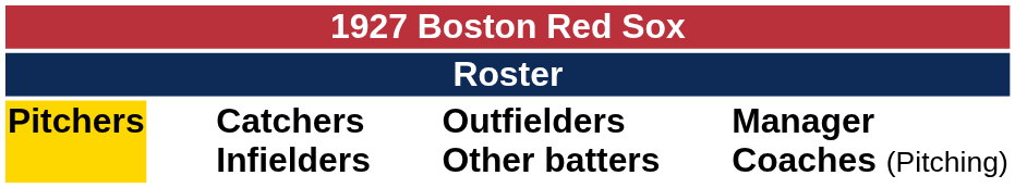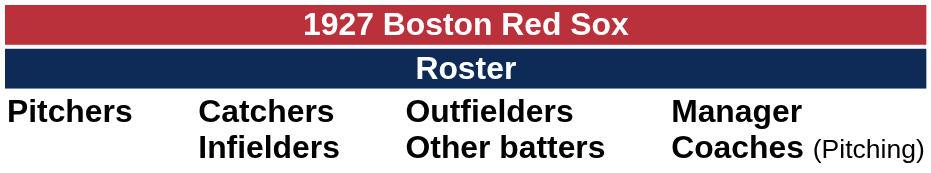 <table class="toccolours" style="text-align: left;">
 <tr>
 <th colspan="10" style="background-color: #ba313c; color: white; text-align: center;">1927 Boston Red Sox</th>
 </tr>
 <tr>
 <td colspan="10" style="background-color: #0d2b56; color: white; text-align: center;"><strong>Roster</strong></td>
 </tr>
 <tr>
-<td valign="top" style="background: gold;"><strong>Pitchers</strong><br>             </td>
+<td valign="top"><strong>Pitchers</strong><br>             </td>
 <td width="25px"></td>
 <td valign="top"><strong>Catchers</strong><br>   <strong>Infielders</strong>           </td>
 <td width="25px"></td>
 <td valign="top"><strong>Outfielders</strong><br>        <strong>Other batters</strong> </td>
 <td width="25px"></td>
 <td valign="top"><strong>Manager</strong><br> <strong>Coaches</strong>  <small>(Pitching)</small> </td>
 </tr>
 <tr>
 </tr>
 </table>
